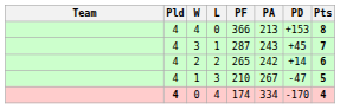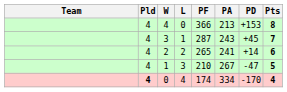 <table class="wikitable" style="text-align:center;">
 <tr>
 <th width=200>Team</th>
 <th width=20>Pld</th>
 <th width=20>W</th>
 <th width=20>L</th>
 <th width=30>PF</th>
 <th width=30>PA</th>
 <th width=30>PD</th>
 <th width=20>Pts</th>
 </tr>
 <tr style="background:#cfc;">
 <td align=left></td>
 <td>4</td>
 <td>4</td>
 <td>0</td>
 <td>366</td>
 <td>213</td>
 <td>+153</td>
 <td><strong>8</strong></td>
 </tr>
 <tr style="background:#cfc;">
 <td align=left></td>
 <td>4</td>
 <td>3</td>
 <td>1</td>
 <td>287</td>
 <td>243</td>
 <td>+45</td>
 <td><strong>7</strong></td>
 </tr>
 <tr style="background:#cfc;">
 <td align=left></td>
 <td>4</td>
 <td>2</td>
 <td>2</td>
 <td>265</td>
-<td>242</td>
+<td>241</td>
 <td>+14</td>
 <td><strong>6</strong></td>
 </tr>
 <tr style="background:#cfc;">
 <td align=left></td>
 <td>4</td>
 <td>1</td>
 <td>3</td>
 <td>210</td>
 <td>267</td>
 <td>-47</td>
 <td><strong>5</strong></td>
 </tr>
 <tr style="background:#fcc;">
 <td align=left></td>
 <td><strong>4</strong></td>
 <td>0</td>
 <td>4</td>
 <td>174</td>
 <td>334</td>
 <td>-170</td>
 <td><strong>4</strong></td>
 </tr>
 </table>
